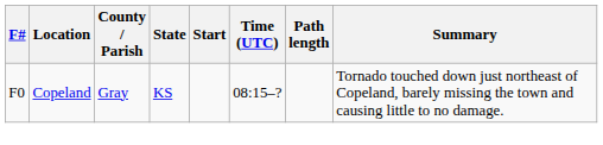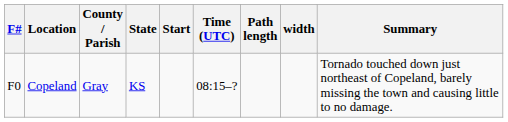 <table class="wikitable sortable" style="width:100%;">
 <tr>
 <th scope="col"  style="width:3%; text-align:center;"><a href='#'>F#</a></th>
 <th scope="col"  style="width:7%; text-align:center;" class="unsortable">Location</th>
 <th scope="col"  style="width:6%; text-align:center;" class="unsortable">County / Parish</th>
 <th scope="col"  style="width:5%; text-align:center;">State</th>
 <th scope="col"  style="width:6%; text-align:center;">Start<br></th>
 <th scope="col"  style="width:6%; text-align:center;">Time (<a href='#'>UTC</a>)</th>
 <th scope="col"  style="width:6%; text-align:center;">Path length</th>
+<th scope="col"  style="width:6%; text-align:center;"> width</th>
 <th scope="col" class="unsortable" style="width:48%; text-align:center;">Summary</th>
 </tr>
 <tr>
 <td>F0</td>
 <td><a href='#'>Copeland</a></td>
 <td><a href='#'>Gray</a></td>
 <td><a href='#'>KS</a></td>
 <td></td>
 <td>08:15–?</td>
 <td></td>
+<td></td>
 <td>Tornado touched down just northeast of Copeland, barely missing the town and causing little to no damage.</td>
 </tr>
 </table>
